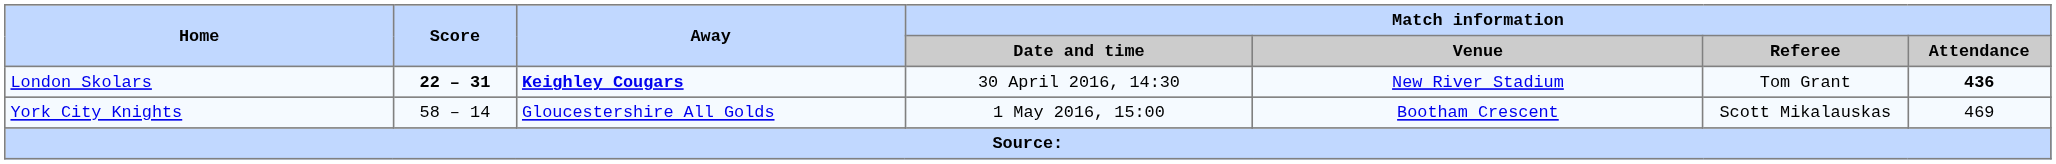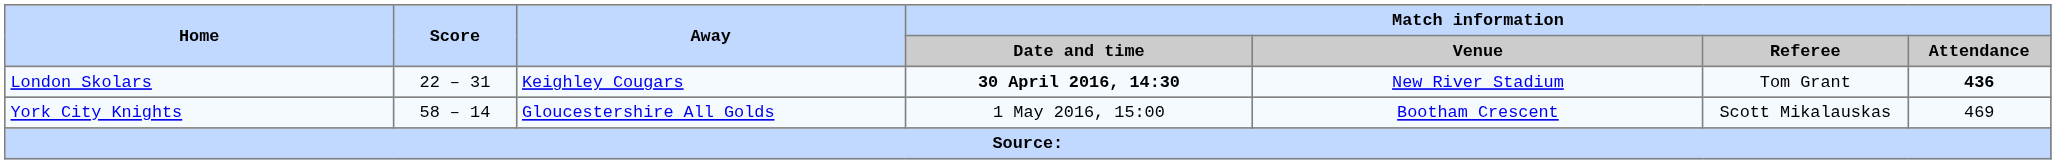 <table border=1 style="border-collapse:collapse; font-size:80%; text-align:center;" cellpadding=3 cellspacing=0 width=100%>
 <tr bgcolor=#C1D8FF>
 <th rowspan=2 width=19%>Home</th>
 <th rowspan=2 width=6%>Score</th>
 <th rowspan=2 width=19%>Away</th>
 <th colspan=6>Match information</th>
 </tr>
 <tr bgcolor=#CCCCCC>
 <th width=17%>Date and time</th>
 <th width=22%>Venue</th>
 <th width=10%>Referee</th>
 <th width=7%>Attendance</th>
 </tr>
 <tr bgcolor=#F5FAFF>
 <td align=left> <a href='#'>London Skolars</a></td>
-<td><strong>22 – 31</strong></td>
-<td align=left><strong> <a href='#'>Keighley Cougars</a></strong></td>
-<td>30 April 2016, 14:30</td>
+<td>22 – 31</td>
+<td align=left> <a href='#'>Keighley Cougars</a></td>
+<td><strong>30 April 2016, 14:30</strong></td>
 <td><a href='#'>New River Stadium</a></td>
 <td>Tom Grant</td>
 <td><strong>436</strong></td>
 </tr>
 <tr bgcolor=#F5FAFF>
 <td align=left> <a href='#'>York City Knights</a></td>
 <td>58 – 14</td>
 <td align=left> <a href='#'>Gloucestershire All Golds</a></td>
 <td>1 May 2016, 15:00</td>
 <td><a href='#'>Bootham Crescent</a></td>
 <td>Scott Mikalauskas</td>
 <td>469</td>
 </tr>
 <tr style="background:#c1d8ff;">
 <th colspan=12>Source:</th>
 </tr>
 </table>
